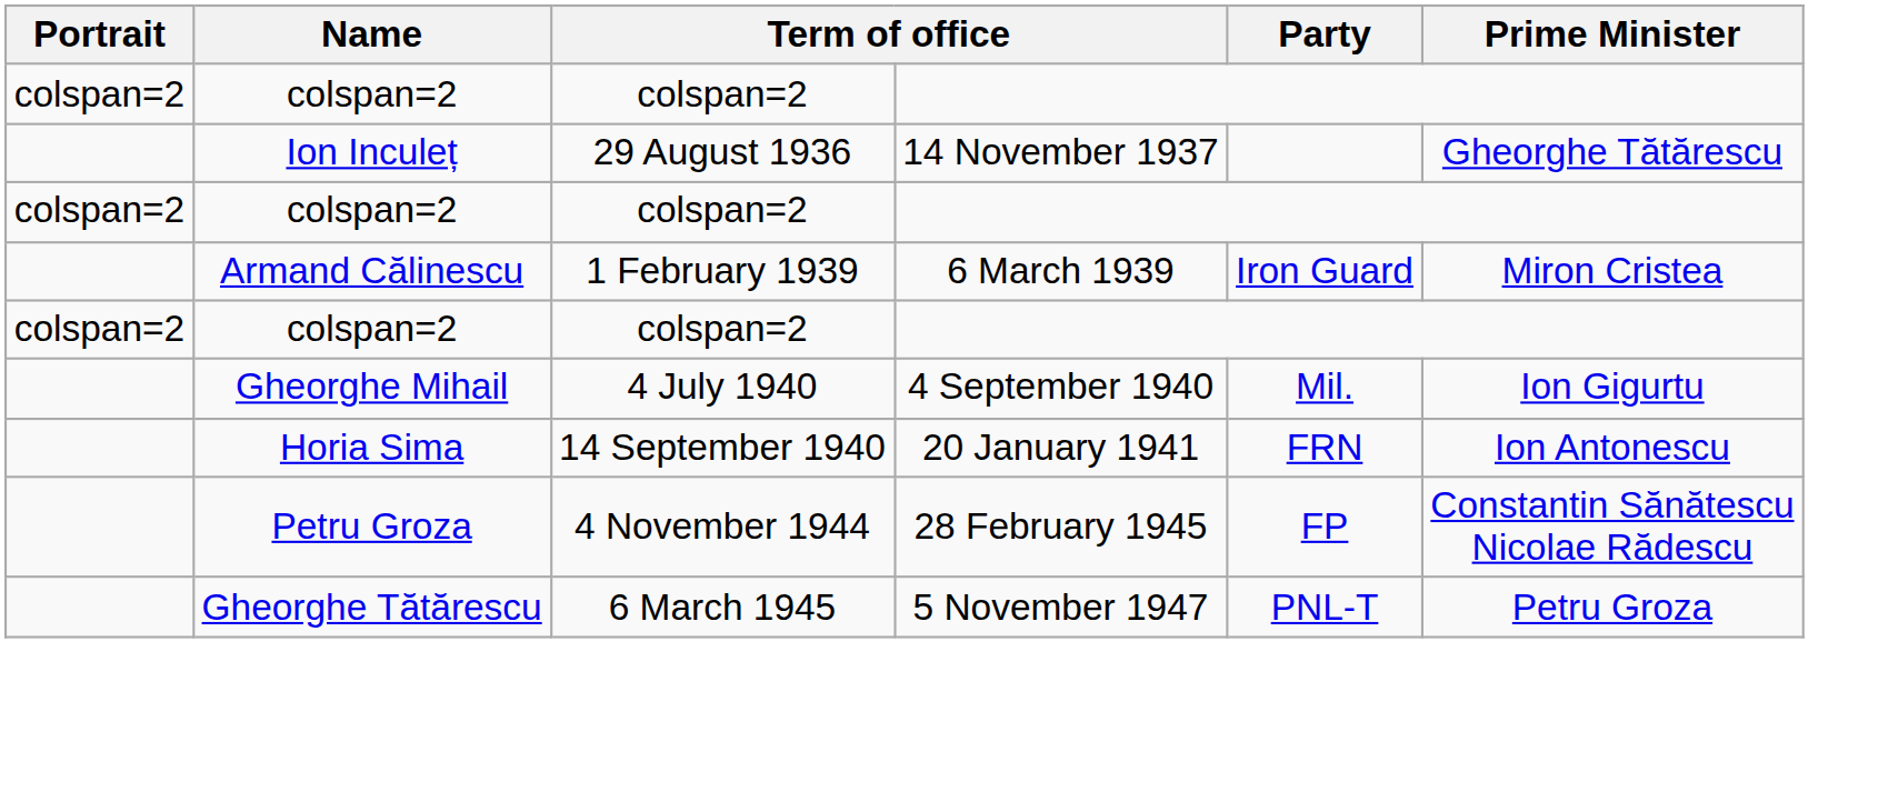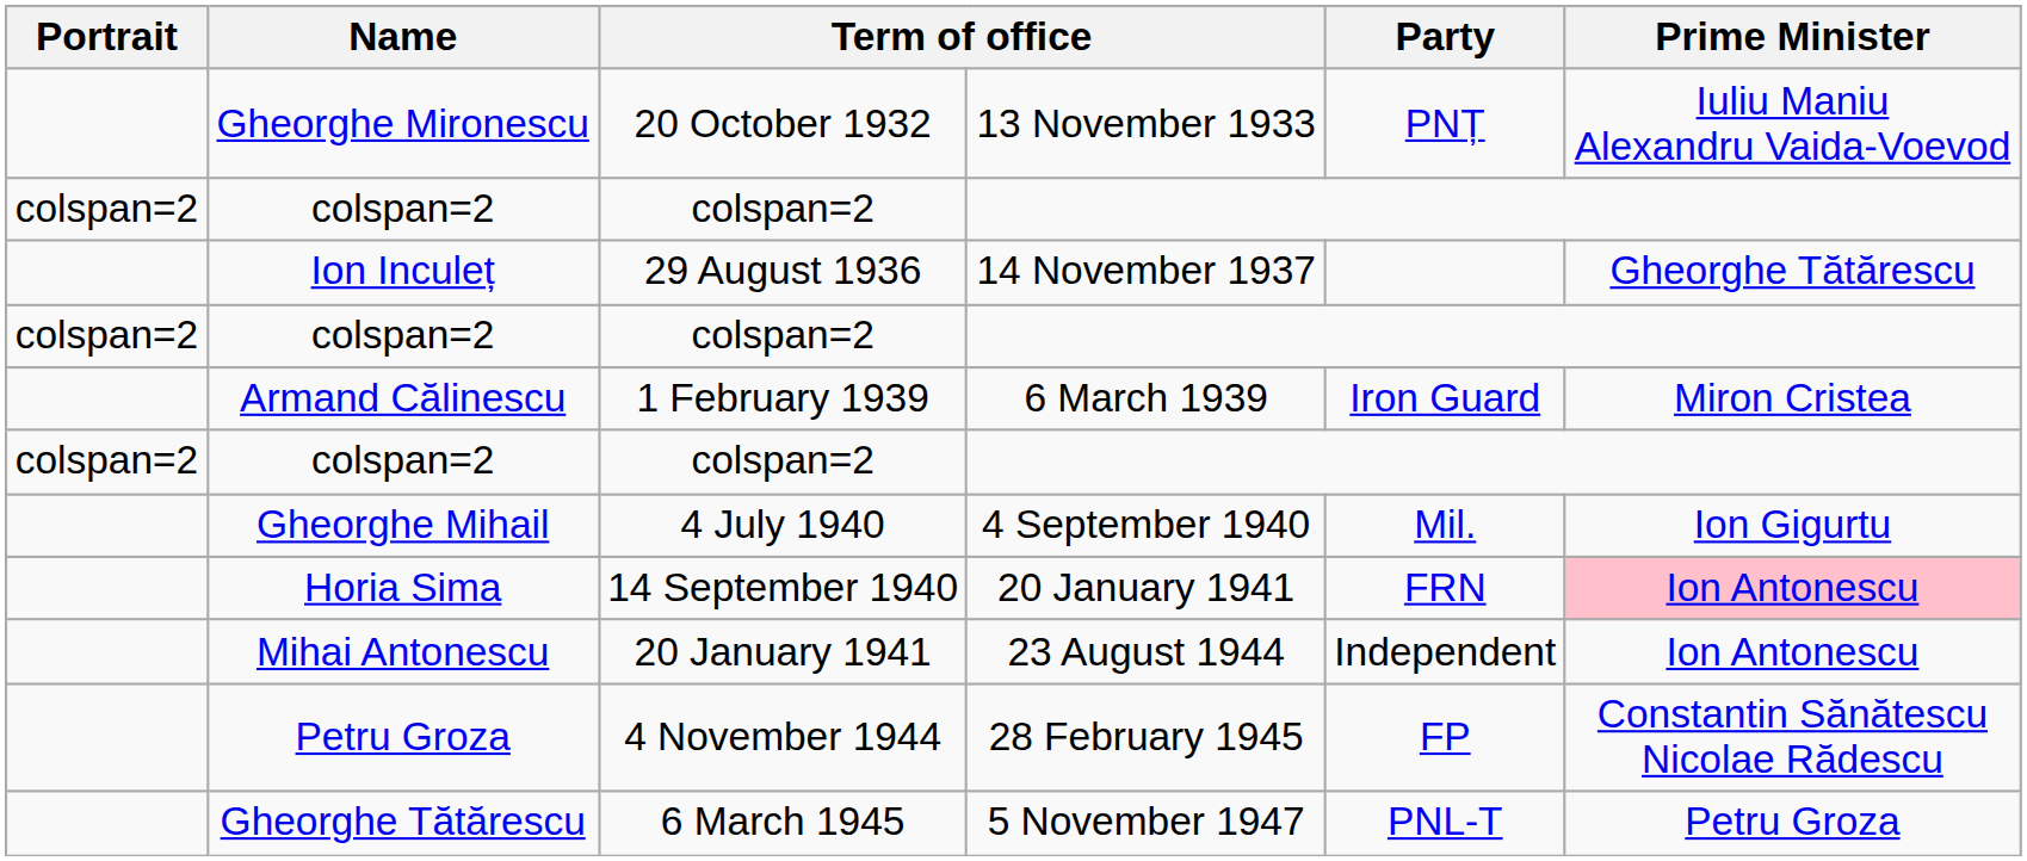 <table class="wikitable" style="text-align:center">
 <tr>
 <th colspan=1>Portrait</th>
 <th>Name</th>
 <th colspan=2>Term of office</th>
 <th>Party</th>
 <th colspan=1>Prime Minister</th>
+</tr>
+<tr>
+<td></td>
+<td><a href='#'>Gheorghe Mironescu</a></td>
+<td>20 October 1932</td>
+<td>13 November 1933</td>
+<td><a href='#'>PNȚ</a></td>
+<td><a href='#'>Iuliu Maniu</a><br><a href='#'>Alexandru Vaida-Voevod</a></td>
 </tr>
 <tr>
 <td>colspan=2 </td>
 <td>colspan=2 </td>
 <td>colspan=2 </td>
 </tr>
 <tr>
 <td></td>
 <td><a href='#'>Ion Inculeț</a></td>
 <td>29 August 1936</td>
 <td>14 November 1937</td>
 <td></td>
 <td><a href='#'>Gheorghe Tătărescu</a></td>
 </tr>
 <tr>
 <td>colspan=2 </td>
 <td>colspan=2 </td>
 <td>colspan=2 </td>
 </tr>
 <tr>
 <td></td>
 <td><a href='#'>Armand Călinescu</a></td>
 <td>1 February 1939</td>
 <td>6 March 1939</td>
 <td><a href='#'>Iron Guard</a></td>
 <td><a href='#'>Miron Cristea</a></td>
 </tr>
 <tr>
 <td>colspan=2 </td>
 <td>colspan=2 </td>
 <td>colspan=2 </td>
 </tr>
 <tr>
 <td></td>
 <td><a href='#'>Gheorghe Mihail</a></td>
 <td>4 July 1940</td>
 <td>4 September 1940</td>
 <td><a href='#'>Mil.</a></td>
 <td><a href='#'>Ion Gigurtu</a></td>
 </tr>
 <tr>
 <td></td>
 <td><a href='#'>Horia Sima</a></td>
 <td>14 September 1940</td>
 <td>20 January 1941</td>
 <td><a href='#'>FRN</a></td>
+<td style="background: pink;"><a href='#'>Ion Antonescu</a></td>
+</tr>
+<tr>
+<td></td>
+<td><a href='#'>Mihai Antonescu</a></td>
+<td>20 January 1941</td>
+<td>23 August 1944</td>
+<td>Independent</td>
 <td><a href='#'>Ion Antonescu</a></td>
 </tr>
 <tr>
 <td></td>
 <td><a href='#'>Petru Groza</a></td>
 <td>4 November 1944</td>
 <td>28 February 1945</td>
 <td><a href='#'>FP</a></td>
 <td><a href='#'>Constantin Sănătescu</a><br><a href='#'>Nicolae Rădescu</a></td>
 </tr>
 <tr>
 <td></td>
 <td><a href='#'>Gheorghe Tătărescu</a></td>
 <td>6 March 1945</td>
 <td>5 November 1947</td>
 <td><a href='#'>PNL-T</a></td>
 <td><a href='#'>Petru Groza</a></td>
 </tr>
 </table>
